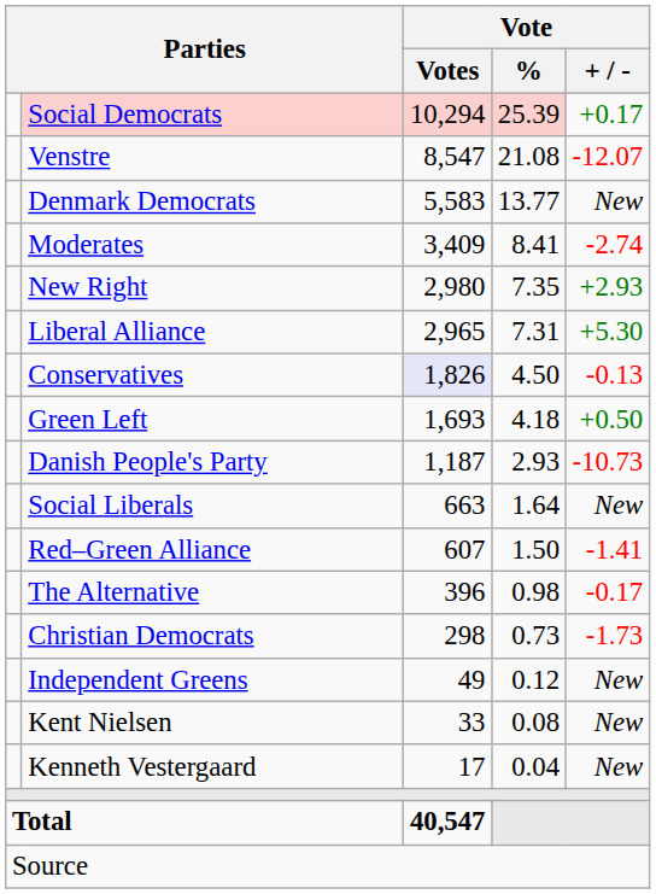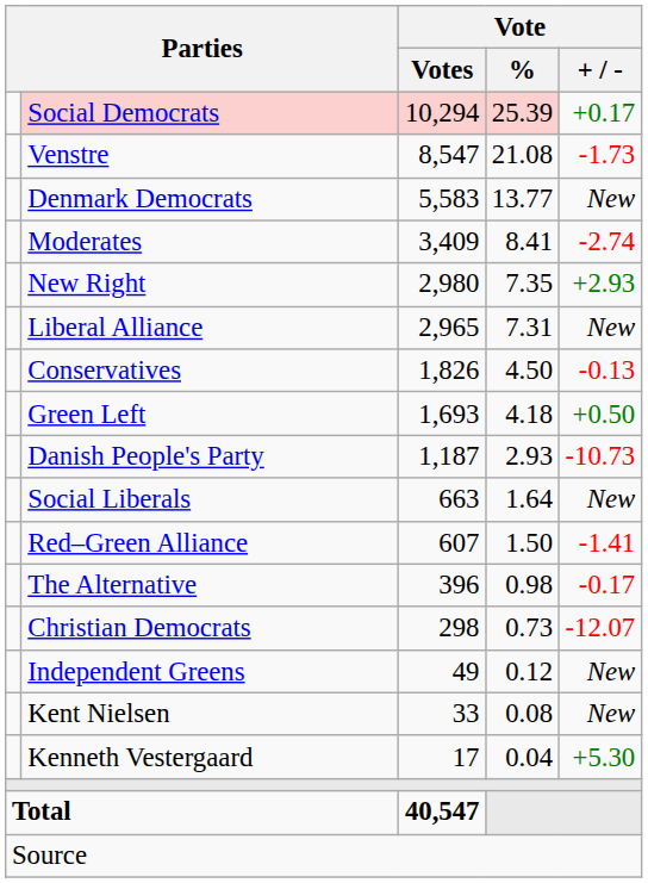 <table class="wikitable" style="text-align:right;">
 <tr>
 <th style="text-align:centre;" rowspan="2" colspan="2" width="225">Parties</th>
 <th colspan="3">Vote</th>
 </tr>
 <tr>
 <th width="15">Votes</th>
 <th width="15">%</th>
 <th width="15">+ / -</th>
 </tr>
 <tr>
 <td width="2" style="color:inherit;background:"></td>
 <td bgcolor=#fbd0ce  align="left"><a href='#'>Social Democrats</a></td>
 <td bgcolor=#fbd0ce>10,294</td>
 <td bgcolor=#fbd0ce>25.39</td>
 <td style=color:green;>+0.17</td>
 </tr>
 <tr>
 <td width="2" style="color:inherit;background:"></td>
 <td align="left"><a href='#'>Venstre</a></td>
 <td>8,547</td>
 <td>21.08</td>
-<td style=color:red;>-12.07</td>
+<td style=color:red;>-1.73</td>
 </tr>
 <tr>
 <td width="2" style="color:inherit;background:"></td>
 <td align="left"><a href='#'>Denmark Democrats</a></td>
 <td>5,583</td>
 <td>13.77</td>
 <td><em>New</em></td>
 </tr>
 <tr>
 <td width="2" style="color:inherit;background:"></td>
 <td align="left"><a href='#'>Moderates</a></td>
 <td>3,409</td>
 <td>8.41</td>
 <td style=color:red;>-2.74</td>
 </tr>
 <tr>
 <td width="2" style="color:inherit;background:"></td>
 <td align="left"><a href='#'>New Right</a></td>
 <td>2,980</td>
 <td>7.35</td>
 <td style=color:green;>+2.93</td>
 </tr>
 <tr>
 <td width="2" style="color:inherit;background:"></td>
 <td align="left"><a href='#'>Liberal Alliance</a></td>
 <td>2,965</td>
 <td>7.31</td>
-<td style=color:green;>+5.30</td>
+<td><em>New</em></td>
 </tr>
 <tr>
 <td width="2" style="color:inherit;background:"></td>
 <td align="left"><a href='#'>Conservatives</a></td>
-<td style="background: lavender;">1,826</td>
+<td>1,826</td>
 <td>4.50</td>
 <td style=color:red;>-0.13</td>
 </tr>
 <tr>
 <td width="2" style="color:inherit;background:"></td>
 <td align="left"><a href='#'>Green Left</a></td>
 <td>1,693</td>
 <td>4.18</td>
 <td style=color:green;>+0.50</td>
 </tr>
 <tr>
 <td width="2" style="color:inherit;background:"></td>
 <td align="left"><a href='#'>Danish People's Party</a></td>
 <td>1,187</td>
 <td>2.93</td>
 <td style=color:red;>-10.73</td>
 </tr>
 <tr>
 <td width="2" style="color:inherit;background:"></td>
 <td align="left"><a href='#'>Social Liberals</a></td>
 <td>663</td>
 <td>1.64</td>
 <td><em>New</em></td>
 </tr>
 <tr>
 <td width="2" style="color:inherit;background:"></td>
 <td align="left"><a href='#'>Red–Green Alliance</a></td>
 <td>607</td>
 <td>1.50</td>
 <td style=color:red;>-1.41</td>
 </tr>
 <tr>
 <td width="2" style="color:inherit;background:"></td>
 <td align="left"><a href='#'>The Alternative</a></td>
 <td>396</td>
 <td>0.98</td>
 <td style=color:red;>-0.17</td>
 </tr>
 <tr>
 <td width="2" style="color:inherit;background:"></td>
 <td align="left"><a href='#'>Christian Democrats</a></td>
 <td>298</td>
 <td>0.73</td>
-<td style=color:red;>-1.73</td>
+<td style=color:red;>-12.07</td>
 </tr>
 <tr>
 <td width="2" style="color:inherit;background:"></td>
 <td align="left"><a href='#'>Independent Greens</a></td>
 <td>49</td>
 <td>0.12</td>
 <td><em>New</em></td>
 </tr>
 <tr>
 <td width="2" style="color:inherit;background:"></td>
 <td align="left">Kent Nielsen</td>
 <td>33</td>
 <td>0.08</td>
 <td><em>New</em></td>
 </tr>
 <tr>
 <td width="2" style="color:inherit;background:"></td>
 <td align="left">Kenneth Vestergaard</td>
 <td>17</td>
 <td>0.04</td>
-<td><em>New</em></td>
+<td style=color:green;>+5.30</td>
 </tr>
 <tr>
 <td colspan="7" bgcolor="#E9E9E9"></td>
 </tr>
 <tr>
 <td align="left" colspan="2"><strong>Total</strong></td>
 <td><strong>40,547</strong></td>
 <td bgcolor="#E9E9E9" colspan="2"></td>
 </tr>
 <tr>
 <td align="left" colspan="6">Source</td>
 </tr>
 </table>
